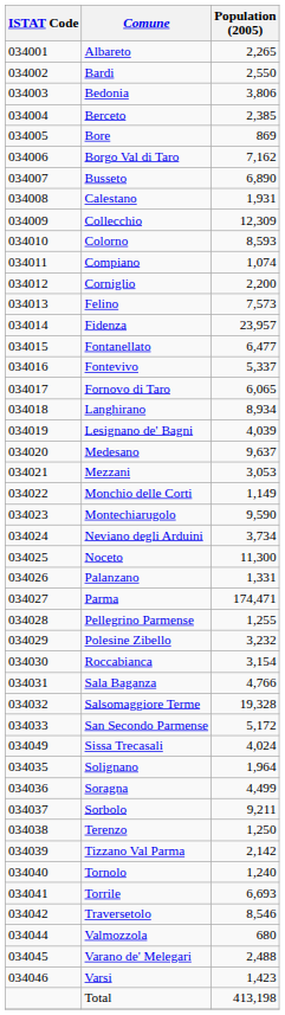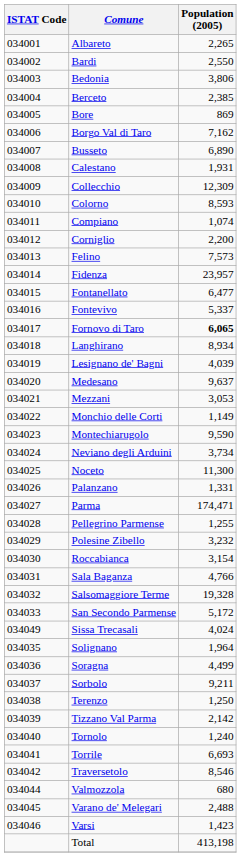 <table class="wikitable sortable">
 <tr>
 <th><a href='#'>ISTAT</a> Code</th>
 <th><em><a href='#'>Comune</a></em></th>
 <th>Population <br>(2005)</th>
 </tr>
 <tr>
 <td>034001</td>
 <td><a href='#'>Albareto</a></td>
 <td align="right">2,265</td>
 </tr>
 <tr>
 <td>034002</td>
 <td><a href='#'>Bardi</a></td>
 <td align="right">2,550</td>
 </tr>
 <tr>
 <td>034003</td>
 <td><a href='#'>Bedonia</a></td>
 <td align="right">3,806</td>
 </tr>
 <tr>
 <td>034004</td>
 <td><a href='#'>Berceto</a></td>
 <td align="right">2,385</td>
 </tr>
 <tr>
 <td>034005</td>
 <td><a href='#'>Bore</a></td>
 <td align="right">869</td>
 </tr>
 <tr>
 <td>034006</td>
 <td><a href='#'>Borgo Val di Taro</a></td>
 <td align="right">7,162</td>
 </tr>
 <tr>
 <td>034007</td>
 <td><a href='#'>Busseto</a></td>
 <td align="right">6,890</td>
 </tr>
 <tr>
 <td>034008</td>
 <td><a href='#'>Calestano</a></td>
 <td align="right">1,931</td>
 </tr>
 <tr>
 <td>034009</td>
 <td><a href='#'>Collecchio</a></td>
 <td align="right">12,309</td>
 </tr>
 <tr>
 <td>034010</td>
 <td><a href='#'>Colorno</a></td>
 <td align="right">8,593</td>
 </tr>
 <tr>
 <td>034011</td>
 <td><a href='#'>Compiano</a></td>
 <td align="right">1,074</td>
 </tr>
 <tr>
 <td>034012</td>
 <td><a href='#'>Corniglio</a></td>
 <td align="right">2,200</td>
 </tr>
 <tr>
 <td>034013</td>
 <td><a href='#'>Felino</a></td>
 <td align="right">7,573</td>
 </tr>
 <tr>
 <td>034014</td>
 <td><a href='#'>Fidenza</a></td>
 <td align="right">23,957</td>
 </tr>
 <tr>
 <td>034015</td>
 <td><a href='#'>Fontanellato</a></td>
 <td align="right">6,477</td>
 </tr>
 <tr>
 <td>034016</td>
 <td><a href='#'>Fontevivo</a></td>
 <td align="right">5,337</td>
 </tr>
 <tr>
 <td>034017</td>
 <td><a href='#'>Fornovo di Taro</a></td>
-<td align="right">6,065</td>
+<td align="right"><strong>6,065</strong></td>
 </tr>
 <tr>
 <td>034018</td>
 <td><a href='#'>Langhirano</a></td>
 <td align="right">8,934</td>
 </tr>
 <tr>
 <td>034019</td>
 <td><a href='#'>Lesignano de' Bagni</a></td>
 <td align="right">4,039</td>
 </tr>
 <tr>
 <td>034020</td>
 <td><a href='#'>Medesano</a></td>
 <td align="right">9,637</td>
 </tr>
 <tr>
 <td>034021</td>
 <td><a href='#'>Mezzani</a></td>
 <td align="right">3,053</td>
 </tr>
 <tr>
 <td>034022</td>
 <td><a href='#'>Monchio delle Corti</a></td>
 <td align="right">1,149</td>
 </tr>
 <tr>
 <td>034023</td>
 <td><a href='#'>Montechiarugolo</a></td>
 <td align="right">9,590</td>
 </tr>
 <tr>
 <td>034024</td>
 <td><a href='#'>Neviano degli Arduini</a></td>
 <td align="right">3,734</td>
 </tr>
 <tr>
 <td>034025</td>
 <td><a href='#'>Noceto</a></td>
 <td align="right">11,300</td>
 </tr>
 <tr>
 <td>034026</td>
 <td><a href='#'>Palanzano</a></td>
 <td align="right">1,331</td>
 </tr>
 <tr>
 <td>034027</td>
 <td><a href='#'>Parma</a></td>
 <td align="right">174,471</td>
 </tr>
 <tr>
 <td>034028</td>
 <td><a href='#'>Pellegrino Parmense</a></td>
 <td align="right">1,255</td>
 </tr>
 <tr>
 <td>034029</td>
 <td><a href='#'>Polesine Zibello</a></td>
 <td align="right">3,232</td>
 </tr>
 <tr>
 <td>034030</td>
 <td><a href='#'>Roccabianca</a></td>
 <td align="right">3,154</td>
 </tr>
 <tr>
 <td>034031</td>
 <td><a href='#'>Sala Baganza</a></td>
 <td align="right">4,766</td>
 </tr>
 <tr>
 <td>034032</td>
 <td><a href='#'>Salsomaggiore Terme</a></td>
 <td align="right">19,328</td>
 </tr>
 <tr>
 <td>034033</td>
 <td><a href='#'>San Secondo Parmense</a></td>
 <td align="right">5,172</td>
 </tr>
 <tr>
 <td>034049</td>
 <td><a href='#'>Sissa Trecasali</a></td>
 <td align="right">4,024</td>
 </tr>
 <tr>
 <td>034035</td>
 <td><a href='#'>Solignano</a></td>
 <td align="right">1,964</td>
 </tr>
 <tr>
 <td>034036</td>
 <td><a href='#'>Soragna</a></td>
 <td align="right">4,499</td>
 </tr>
 <tr>
 <td>034037</td>
 <td><a href='#'>Sorbolo</a></td>
 <td align="right">9,211</td>
 </tr>
 <tr>
 <td>034038</td>
 <td><a href='#'>Terenzo</a></td>
 <td align="right">1,250</td>
 </tr>
 <tr>
 <td>034039</td>
 <td><a href='#'>Tizzano Val Parma</a></td>
 <td align="right">2,142</td>
 </tr>
 <tr>
 <td>034040</td>
 <td><a href='#'>Tornolo</a></td>
 <td align="right">1,240</td>
 </tr>
 <tr>
 <td>034041</td>
 <td><a href='#'>Torrile</a></td>
 <td align="right">6,693</td>
 </tr>
 <tr>
 <td>034042</td>
 <td><a href='#'>Traversetolo</a></td>
 <td align="right">8,546</td>
 </tr>
 <tr>
 <td>034044</td>
 <td><a href='#'>Valmozzola</a></td>
 <td align="right">680</td>
 </tr>
 <tr>
 <td>034045</td>
 <td><a href='#'>Varano de' Melegari</a></td>
 <td align="right">2,488</td>
 </tr>
 <tr>
 <td>034046</td>
 <td><a href='#'>Varsi</a></td>
 <td align="right">1,423</td>
 </tr>
 <tr>
 <td></td>
 <td>Total</td>
 <td align="right">413,198</td>
 </tr>
 <tr>
 </tr>
 </table>
